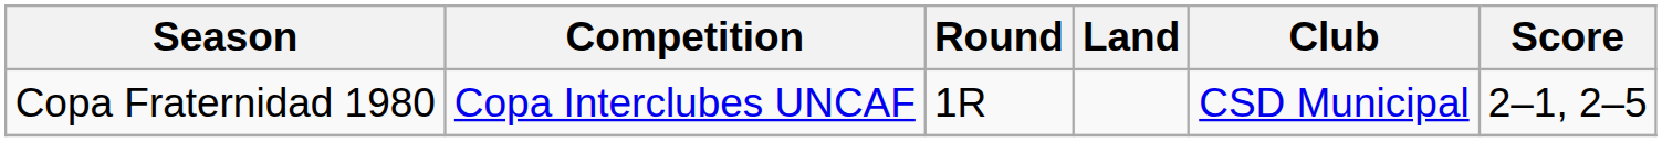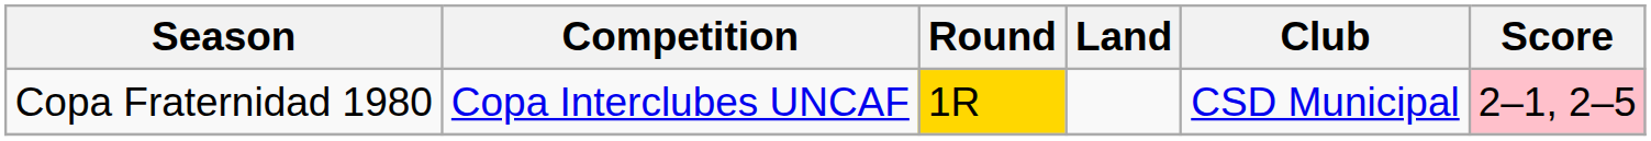 <table class="wikitable">
 <tr>
 <th>Season</th>
 <th>Competition</th>
 <th>Round</th>
 <th>Land</th>
 <th>Club</th>
 <th>Score</th>
 </tr>
 <tr>
 <td>Copa Fraternidad 1980</td>
 <td><a href='#'>Copa Interclubes UNCAF</a></td>
-<td>1R</td>
+<td style="background: gold;">1R</td>
 <td></td>
 <td><a href='#'>CSD Municipal</a></td>
-<td>2–1, 2–5</td>
+<td style="background: pink;">2–1, 2–5</td>
 </tr>
 <tr>
 </tr>
 </table>
